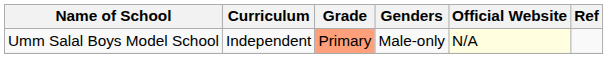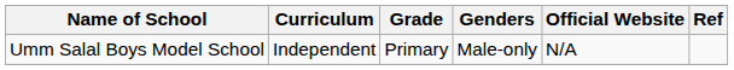 <table class="wikitable">
 <tr>
 <th>Name of School</th>
 <th>Curriculum</th>
 <th>Grade</th>
 <th>Genders</th>
 <th>Official Website</th>
 <th>Ref</th>
 </tr>
 <tr>
 <td>Umm Salal Boys Model School</td>
 <td>Independent</td>
-<td style="background: lightsalmon;">Primary</td>
+<td>Primary</td>
 <td>Male-only</td>
-<td style="background: lightyellow;">N/A</td>
+<td>N/A</td>
 <td></td>
 </tr>
 <tr>
 </tr>
 </table>
